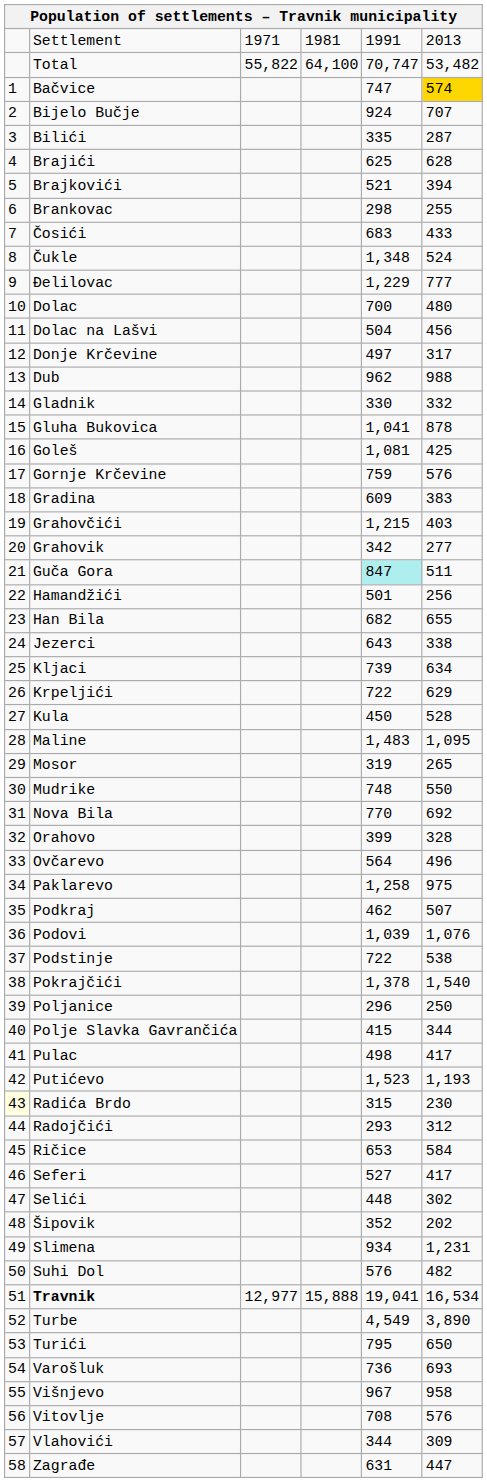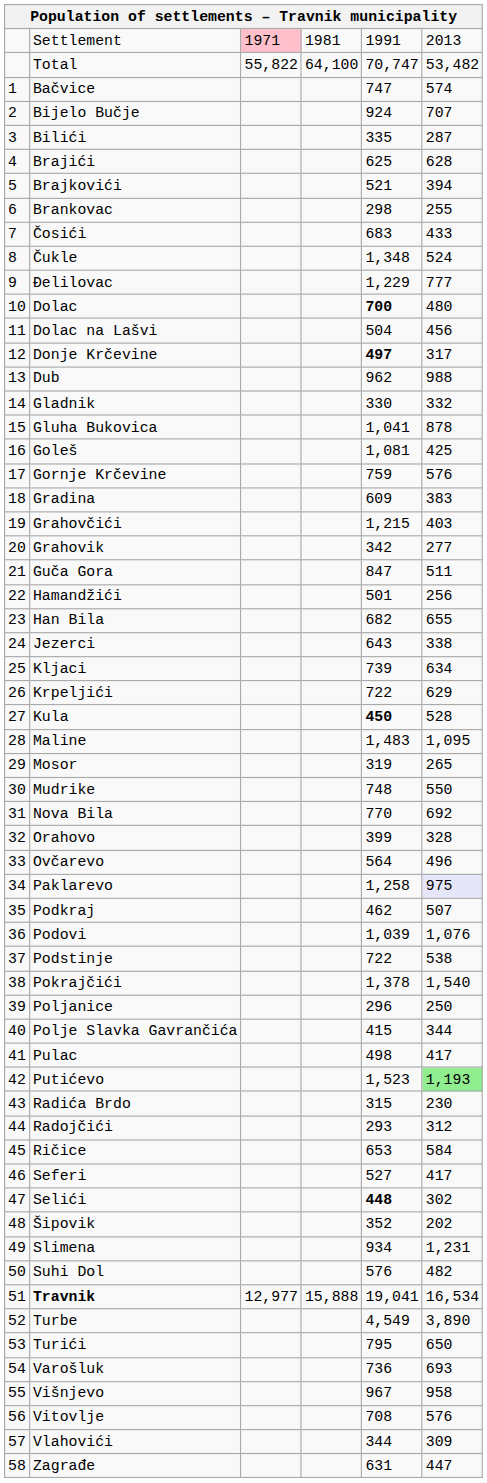 <table class="wikitable">
 <tr>
 <th colspan="6">Population of settlements – Travnik municipality</th>
 </tr>
 <tr>
 <td></td>
 <td>Settlement</td>
-<td>1971</td>
+<td style="background: pink;">1971</td>
 <td>1981</td>
 <td>1991</td>
 <td>2013</td>
 </tr>
 <tr>
 <td></td>
 <td>Total</td>
 <td>55,822</td>
 <td>64,100</td>
 <td>70,747</td>
 <td>53,482</td>
 </tr>
 <tr>
 <td>1</td>
 <td>Bačvice</td>
 <td></td>
 <td></td>
 <td>747</td>
-<td style="background: gold;">574</td>
+<td>574</td>
 </tr>
 <tr>
 <td>2</td>
 <td>Bijelo Bučje</td>
 <td></td>
 <td></td>
 <td>924</td>
 <td>707</td>
 </tr>
 <tr>
 <td>3</td>
 <td>Bilići</td>
 <td></td>
 <td></td>
 <td>335</td>
 <td>287</td>
 </tr>
 <tr>
 <td>4</td>
 <td>Brajići</td>
 <td></td>
 <td></td>
 <td>625</td>
 <td>628</td>
 </tr>
 <tr>
 <td>5</td>
 <td>Brajkovići</td>
 <td></td>
 <td></td>
 <td>521</td>
 <td>394</td>
 </tr>
 <tr>
 <td>6</td>
 <td>Brankovac</td>
 <td></td>
 <td></td>
 <td>298</td>
 <td>255</td>
 </tr>
 <tr>
 <td>7</td>
 <td>Čosići</td>
 <td></td>
 <td></td>
 <td>683</td>
 <td>433</td>
 </tr>
 <tr>
 <td>8</td>
 <td>Čukle</td>
 <td></td>
 <td></td>
 <td>1,348</td>
 <td>524</td>
 </tr>
 <tr>
 <td>9</td>
 <td>Đelilovac</td>
 <td></td>
 <td></td>
 <td>1,229</td>
 <td>777</td>
 </tr>
 <tr>
 <td>10</td>
 <td>Dolac</td>
 <td></td>
 <td></td>
-<td>700</td>
+<td><strong>700</strong></td>
 <td>480</td>
 </tr>
 <tr>
 <td>11</td>
 <td>Dolac na Lašvi</td>
 <td></td>
 <td></td>
 <td>504</td>
 <td>456</td>
 </tr>
 <tr>
 <td>12</td>
 <td>Donje Krčevine</td>
 <td></td>
 <td></td>
-<td>497</td>
+<td><strong>497</strong></td>
 <td>317</td>
 </tr>
 <tr>
 <td>13</td>
 <td>Dub</td>
 <td></td>
 <td></td>
 <td>962</td>
 <td>988</td>
 </tr>
 <tr>
 <td>14</td>
 <td>Gladnik</td>
 <td></td>
 <td></td>
 <td>330</td>
 <td>332</td>
 </tr>
 <tr>
 <td>15</td>
 <td>Gluha Bukovica</td>
 <td></td>
 <td></td>
 <td>1,041</td>
 <td>878</td>
 </tr>
 <tr>
 <td>16</td>
 <td>Goleš</td>
 <td></td>
 <td></td>
 <td>1,081</td>
 <td>425</td>
 </tr>
 <tr>
 <td>17</td>
 <td>Gornje Krčevine</td>
 <td></td>
 <td></td>
 <td>759</td>
 <td>576</td>
 </tr>
 <tr>
 <td>18</td>
 <td>Gradina</td>
 <td></td>
 <td></td>
 <td>609</td>
 <td>383</td>
 </tr>
 <tr>
 <td>19</td>
 <td>Grahovčići</td>
 <td></td>
 <td></td>
 <td>1,215</td>
 <td>403</td>
 </tr>
 <tr>
 <td>20</td>
 <td>Grahovik</td>
 <td></td>
 <td></td>
 <td>342</td>
 <td>277</td>
 </tr>
 <tr>
 <td>21</td>
 <td>Guča Gora</td>
 <td></td>
 <td></td>
-<td style="background: paleturquoise;">847</td>
+<td>847</td>
 <td>511</td>
 </tr>
 <tr>
 <td>22</td>
 <td>Hamandžići</td>
 <td></td>
 <td></td>
 <td>501</td>
 <td>256</td>
 </tr>
 <tr>
 <td>23</td>
 <td>Han Bila</td>
 <td></td>
 <td></td>
 <td>682</td>
 <td>655</td>
 </tr>
 <tr>
 <td>24</td>
 <td>Jezerci</td>
 <td></td>
 <td></td>
 <td>643</td>
 <td>338</td>
 </tr>
 <tr>
 <td>25</td>
 <td>Kljaci</td>
 <td></td>
 <td></td>
 <td>739</td>
 <td>634</td>
 </tr>
 <tr>
 <td>26</td>
 <td>Krpeljići</td>
 <td></td>
 <td></td>
 <td>722</td>
 <td>629</td>
 </tr>
 <tr>
 <td>27</td>
 <td>Kula</td>
 <td></td>
 <td></td>
-<td>450</td>
+<td><strong>450</strong></td>
 <td>528</td>
 </tr>
 <tr>
 <td>28</td>
 <td>Maline</td>
 <td></td>
 <td></td>
 <td>1,483</td>
 <td>1,095</td>
 </tr>
 <tr>
 <td>29</td>
 <td>Mosor</td>
 <td></td>
 <td></td>
 <td>319</td>
 <td>265</td>
 </tr>
 <tr>
 <td>30</td>
 <td>Mudrike</td>
 <td></td>
 <td></td>
 <td>748</td>
 <td>550</td>
 </tr>
 <tr>
 <td>31</td>
 <td>Nova Bila</td>
 <td></td>
 <td></td>
 <td>770</td>
 <td>692</td>
 </tr>
 <tr>
 <td>32</td>
 <td>Orahovo</td>
 <td></td>
 <td></td>
 <td>399</td>
 <td>328</td>
 </tr>
 <tr>
 <td>33</td>
 <td>Ovčarevo</td>
 <td></td>
 <td></td>
 <td>564</td>
 <td>496</td>
 </tr>
 <tr>
 <td>34</td>
 <td>Paklarevo</td>
 <td></td>
 <td></td>
 <td>1,258</td>
-<td>975</td>
+<td style="background: lavender;">975</td>
 </tr>
 <tr>
 <td>35</td>
 <td>Podkraj</td>
 <td></td>
 <td></td>
 <td>462</td>
 <td>507</td>
 </tr>
 <tr>
 <td>36</td>
 <td>Podovi</td>
 <td></td>
 <td></td>
 <td>1,039</td>
 <td>1,076</td>
 </tr>
 <tr>
 <td>37</td>
 <td>Podstinje</td>
 <td></td>
 <td></td>
 <td>722</td>
 <td>538</td>
 </tr>
 <tr>
 <td>38</td>
 <td>Pokrajčići</td>
 <td></td>
 <td></td>
 <td>1,378</td>
 <td>1,540</td>
 </tr>
 <tr>
 <td>39</td>
 <td>Poljanice</td>
 <td></td>
 <td></td>
 <td>296</td>
 <td>250</td>
 </tr>
 <tr>
 <td>40</td>
 <td>Polje Slavka Gavrančića</td>
 <td></td>
 <td></td>
 <td>415</td>
 <td>344</td>
 </tr>
 <tr>
 <td>41</td>
 <td>Pulac</td>
 <td></td>
 <td></td>
 <td>498</td>
 <td>417</td>
 </tr>
 <tr>
 <td>42</td>
 <td>Putićevo</td>
 <td></td>
 <td></td>
 <td>1,523</td>
-<td>1,193</td>
+<td style="background: lightgreen;">1,193</td>
 </tr>
 <tr>
-<td style="background: lightyellow;">43</td>
+<td>43</td>
 <td>Radića Brdo</td>
 <td></td>
 <td></td>
 <td>315</td>
 <td>230</td>
 </tr>
 <tr>
 <td>44</td>
 <td>Radojčići</td>
 <td></td>
 <td></td>
 <td>293</td>
 <td>312</td>
 </tr>
 <tr>
 <td>45</td>
 <td>Ričice</td>
 <td></td>
 <td></td>
 <td>653</td>
 <td>584</td>
 </tr>
 <tr>
 <td>46</td>
 <td>Seferi</td>
 <td></td>
 <td></td>
 <td>527</td>
 <td>417</td>
 </tr>
 <tr>
 <td>47</td>
 <td>Selići</td>
 <td></td>
 <td></td>
-<td>448</td>
+<td><strong>448</strong></td>
 <td>302</td>
 </tr>
 <tr>
 <td>48</td>
 <td>Šipovik</td>
 <td></td>
 <td></td>
 <td>352</td>
 <td>202</td>
 </tr>
 <tr>
 <td>49</td>
 <td>Slimena</td>
 <td></td>
 <td></td>
 <td>934</td>
 <td>1,231</td>
 </tr>
 <tr>
 <td>50</td>
 <td>Suhi Dol</td>
 <td></td>
 <td></td>
 <td>576</td>
 <td>482</td>
 </tr>
 <tr>
 <td>51</td>
 <td><strong>Travnik</strong></td>
 <td>12,977</td>
 <td>15,888</td>
 <td>19,041</td>
 <td>16,534</td>
 </tr>
 <tr>
 <td>52</td>
 <td>Turbe</td>
 <td></td>
 <td></td>
 <td>4,549</td>
 <td>3,890</td>
 </tr>
 <tr>
 <td>53</td>
 <td>Turići</td>
 <td></td>
 <td></td>
 <td>795</td>
 <td>650</td>
 </tr>
 <tr>
 <td>54</td>
 <td>Varošluk</td>
 <td></td>
 <td></td>
 <td>736</td>
 <td>693</td>
 </tr>
 <tr>
 <td>55</td>
 <td>Višnjevo</td>
 <td></td>
 <td></td>
 <td>967</td>
 <td>958</td>
 </tr>
 <tr>
 <td>56</td>
 <td>Vitovlje</td>
 <td></td>
 <td></td>
 <td>708</td>
 <td>576</td>
 </tr>
 <tr>
 <td>57</td>
 <td>Vlahovići</td>
 <td></td>
 <td></td>
 <td>344</td>
 <td>309</td>
 </tr>
 <tr>
 <td>58</td>
 <td>Zagrađe</td>
 <td></td>
 <td></td>
 <td>631</td>
 <td>447</td>
 </tr>
 </table>
